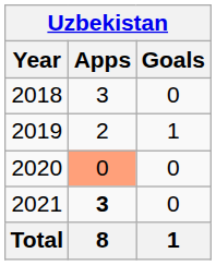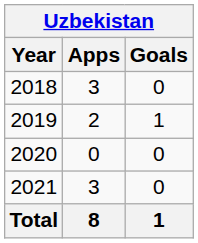 <table class="wikitable" style="text-align:center">
 <tr>
 <th colspan=3><a href='#'>Uzbekistan</a></th>
 </tr>
 <tr>
 <th>Year</th>
 <th>Apps</th>
 <th>Goals</th>
 </tr>
 <tr>
 <td>2018</td>
 <td>3</td>
 <td>0</td>
 </tr>
 <tr>
 <td>2019</td>
 <td>2</td>
 <td>1</td>
 </tr>
 <tr>
 <td>2020</td>
-<td style="background: lightsalmon;">0</td>
+<td>0</td>
 <td>0</td>
 </tr>
 <tr>
 <td>2021</td>
-<td><strong>3</strong></td>
+<td>3</td>
 <td>0</td>
 </tr>
 <tr>
 <th>Total</th>
 <th>8</th>
 <th>1</th>
 </tr>
 </table>
